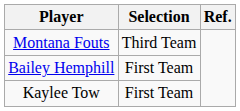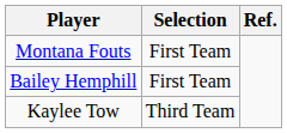 <table class="wikitable sortable sortable" style="text-align: center">
 <tr align=center>
 <th>Player</th>
 <th>Selection</th>
 <th>Ref.</th>
 </tr>
 <tr>
 <td><a href='#'>Montana Fouts</a></td>
-<td>Third Team</td>
+<td>First Team</td>
 <td rowspan="5"></td>
 </tr>
 <tr>
 <td><a href='#'>Bailey Hemphill</a></td>
 <td>First Team</td>
 </tr>
 <tr>
 <td>Kaylee Tow</td>
-<td>First Team</td>
+<td>Third Team</td>
 </tr>
 </table>
